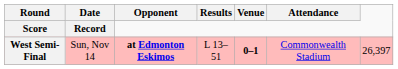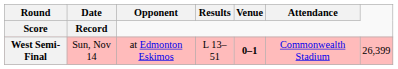 <table class="wikitable" style="text-align:center">
 <tr>
 <th>Round</th>
 <th>Date</th>
 <th>Opponent</th>
 <th>Results</th>
 <th>Venue</th>
 <th>Attendance</th>
 </tr>
 <tr>
 <th>Score</th>
 <th>Record</th>
 </tr>
 <tr style="background:#ffbbbb">
 <th>West Semi-Final</th>
 <td>Sun, Nov 14</td>
-<td><strong>at <a href='#'>Edmonton Eskimos</a></strong></td>
+<td>at <a href='#'>Edmonton Eskimos</a></td>
 <td>L 13–51</td>
 <td><strong>0–1</strong></td>
 <td><a href='#'>Commonwealth Stadium</a></td>
-<td>26,397</td>
+<td>26,399</td>
 </tr>
 </table>
